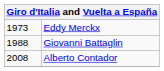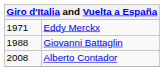 <table class="wikitable">
 <tr>
 <th colspan=2><a href='#'>Giro d'Italia</a> and <a href='#'>Vuelta a España</a></th>
 </tr>
 <tr>
-<td>1973</td>
+<td>1971</td>
 <td> <a href='#'>Eddy Merckx</a></td>
 </tr>
 <tr>
 <td>1988</td>
 <td> <a href='#'>Giovanni Battaglin</a></td>
 </tr>
 <tr>
 <td>2008</td>
 <td> <a href='#'>Alberto Contador</a></td>
 </tr>
 <tr>
 </tr>
 </table>
